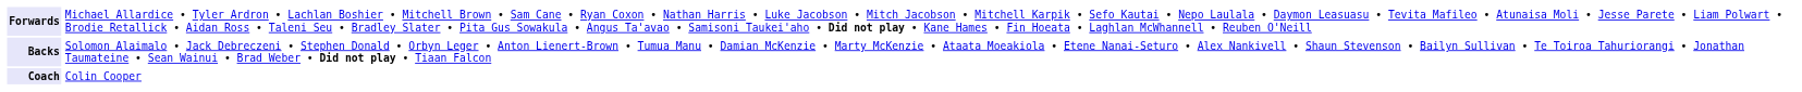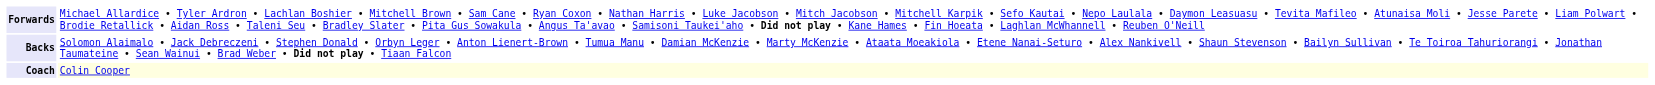 <table cellpadding="2" style="border: 1px solid white; font-size:90%;">
 <tr>
 <td style="text-align:right;" bgcolor="lavender"><strong>Forwards</strong></td>
 <td style="text-align:left;"><a href='#'>Michael Allardice</a> • <a href='#'>Tyler Ardron</a> • <a href='#'>Lachlan Boshier</a> • <a href='#'>Mitchell Brown</a> • <a href='#'>Sam Cane</a> • <a href='#'>Ryan Coxon</a> • <a href='#'>Nathan Harris</a> • <a href='#'>Luke Jacobson</a> • <a href='#'>Mitch Jacobson</a> • <a href='#'>Mitchell Karpik</a> • <a href='#'>Sefo Kautai</a> • <a href='#'>Nepo Laulala</a> • <a href='#'>Daymon Leasuasu</a> • <a href='#'>Tevita Mafileo</a> • <a href='#'>Atunaisa Moli</a> • <a href='#'>Jesse Parete</a> • <a href='#'>Liam Polwart</a> • <a href='#'>Brodie Retallick</a> • <a href='#'>Aidan Ross</a> • <a href='#'>Taleni Seu</a> • <a href='#'>Bradley Slater</a> • <a href='#'>Pita Gus Sowakula</a> • <a href='#'>Angus Ta'avao</a> • <a href='#'>Samisoni Taukei'aho</a> • <strong>Did not play</strong> • <a href='#'>Kane Hames</a> • <a href='#'>Fin Hoeata</a> • <a href='#'>Laghlan McWhannell</a> • <a href='#'>Reuben O'Neill</a></td>
 </tr>
 <tr>
 <td style="text-align:right;" bgcolor="lavender"><strong>Backs</strong></td>
 <td style="text-align:left;"><a href='#'>Solomon Alaimalo</a> • <a href='#'>Jack Debreczeni</a> • <a href='#'>Stephen Donald</a> • <a href='#'>Orbyn Leger</a> • <a href='#'>Anton Lienert-Brown</a> • <a href='#'>Tumua Manu</a> • <a href='#'>Damian McKenzie</a> • <a href='#'>Marty McKenzie</a> • <a href='#'>Ataata Moeakiola</a> • <a href='#'>Etene Nanai-Seturo</a> • <a href='#'>Alex Nankivell</a> • <a href='#'>Shaun Stevenson</a> • <a href='#'>Bailyn Sullivan</a> • <a href='#'>Te Toiroa Tahuriorangi</a> • <a href='#'>Jonathan Taumateine</a> • <a href='#'>Sean Wainui</a> • <a href='#'>Brad Weber</a> • <strong>Did not play</strong> • <a href='#'>Tiaan Falcon</a></td>
 </tr>
 <tr>
 <td style="text-align:right;" bgcolor="lavender"><strong>Coach</strong></td>
-<td style="text-align:left;"><a href='#'>Colin Cooper</a></td>
+<td style="background: lightyellow; text-align:left;"><a href='#'>Colin Cooper</a></td>
 </tr>
 </table>
